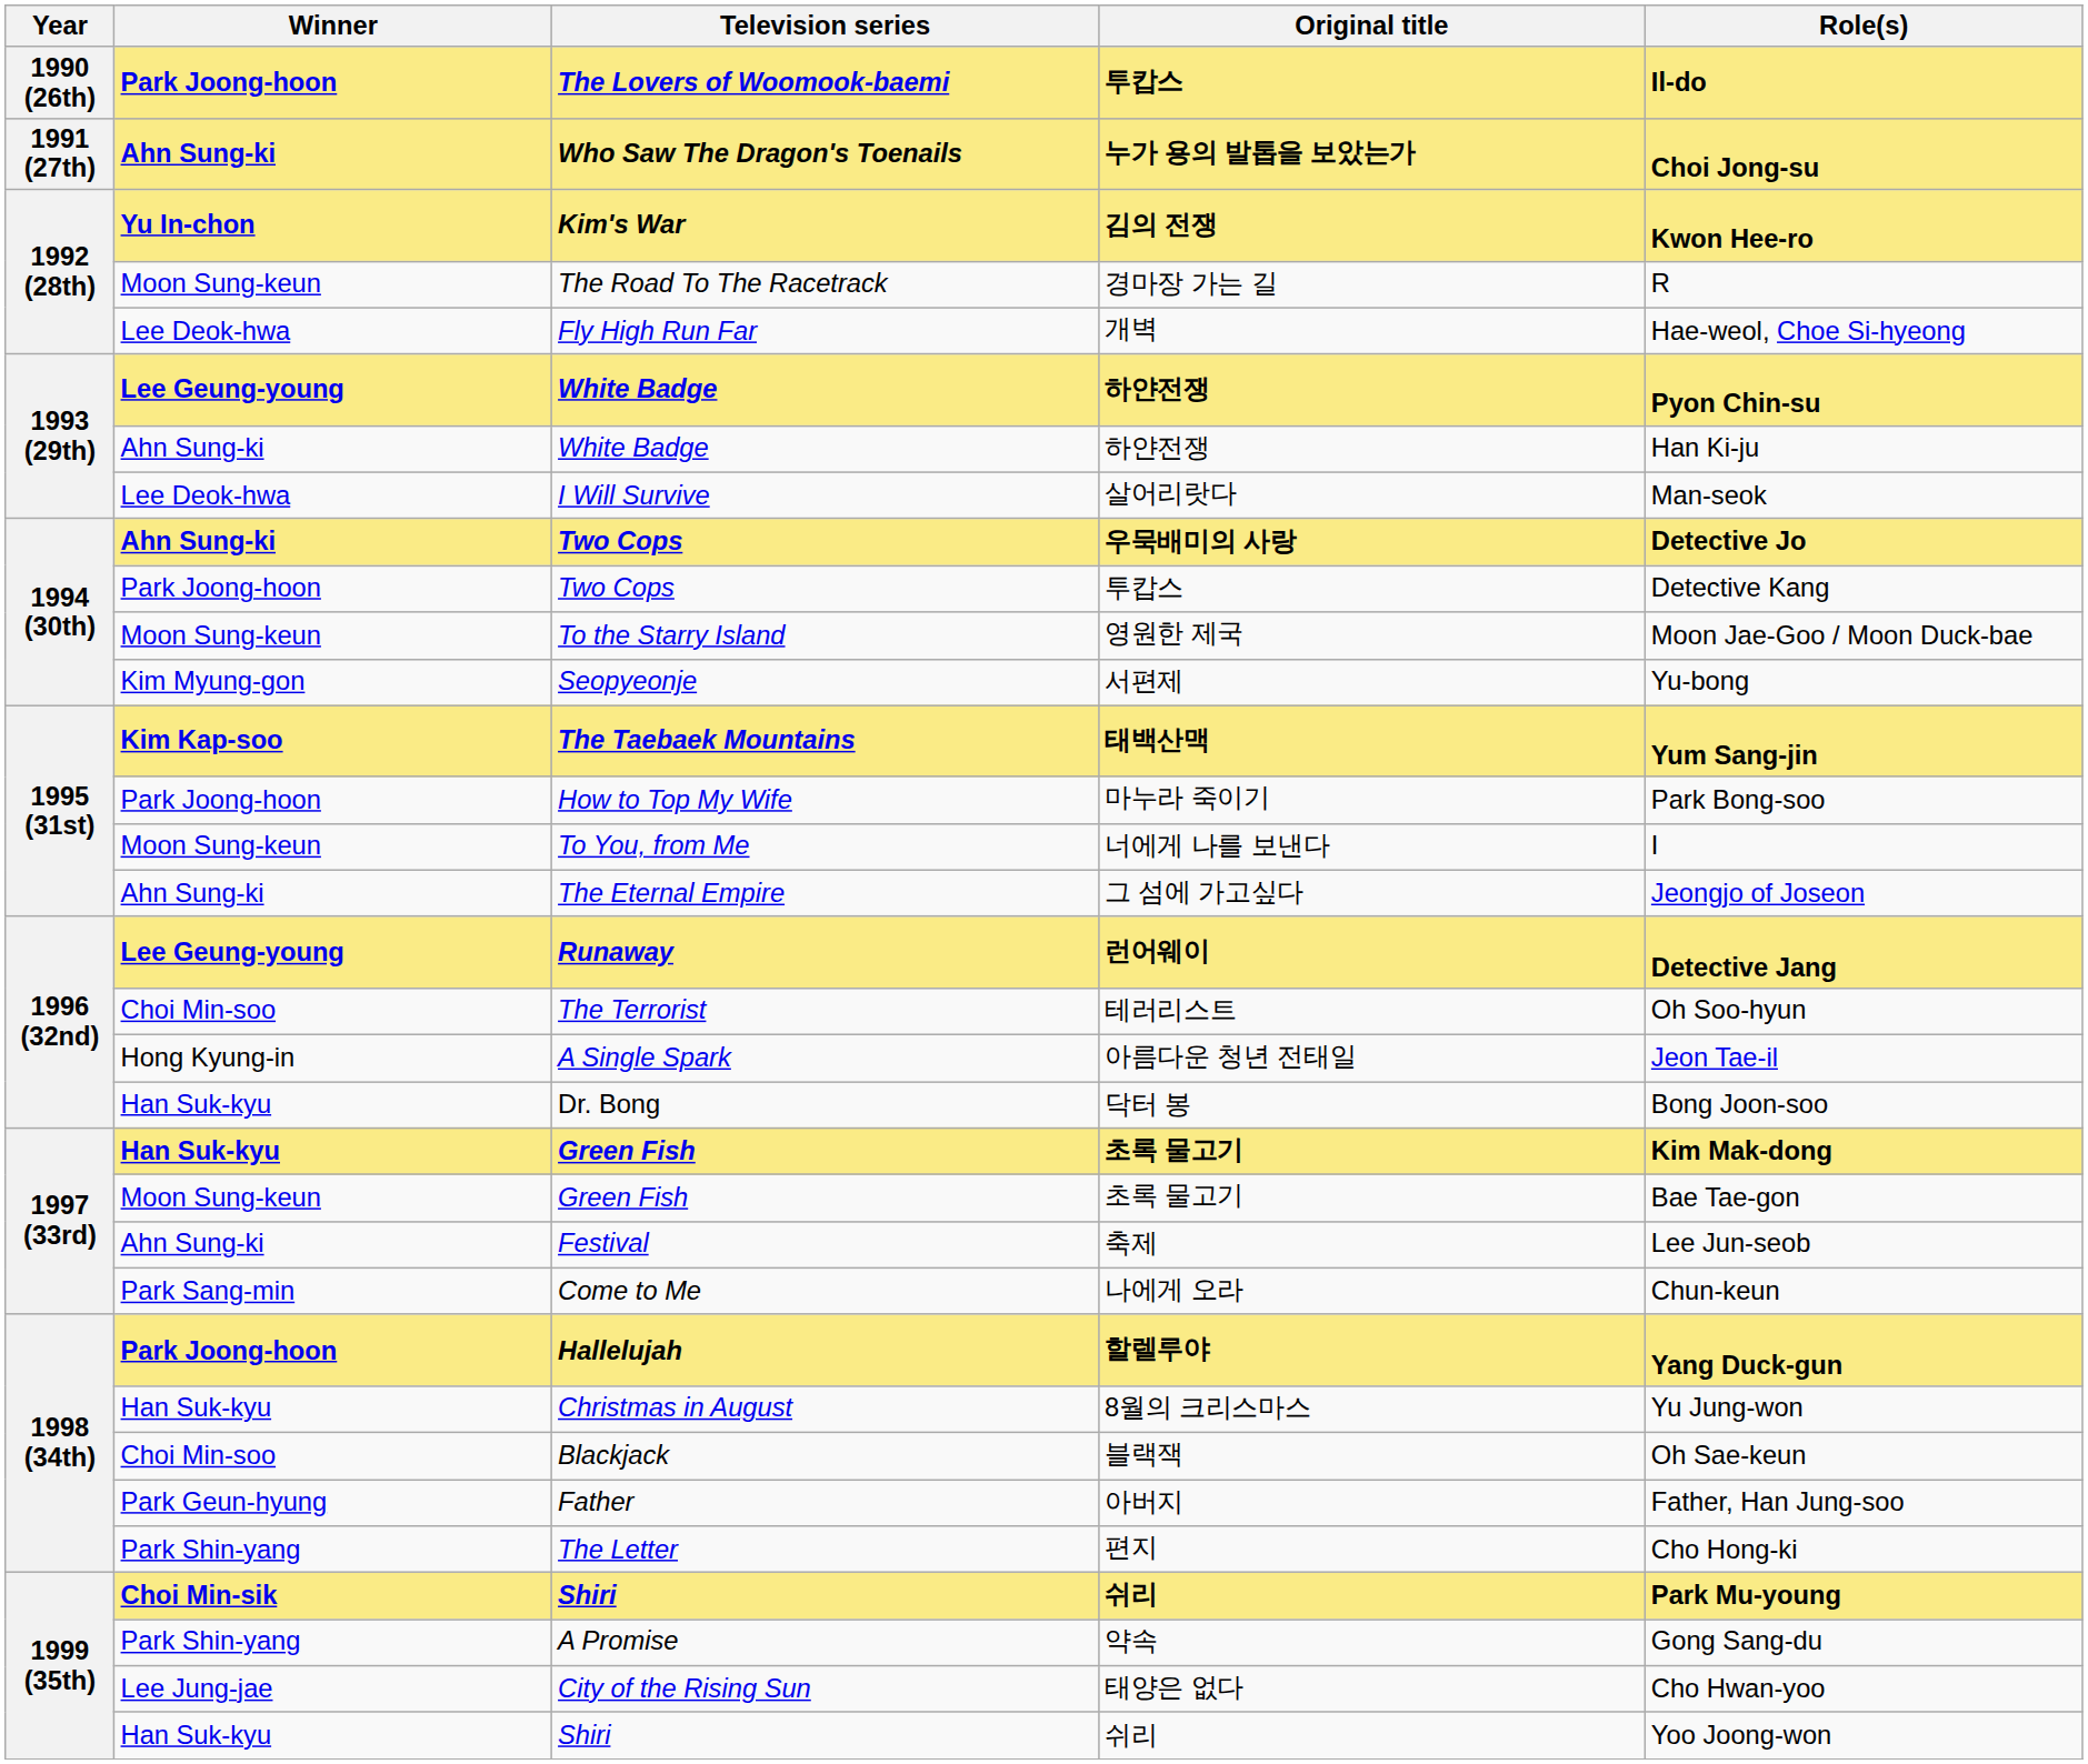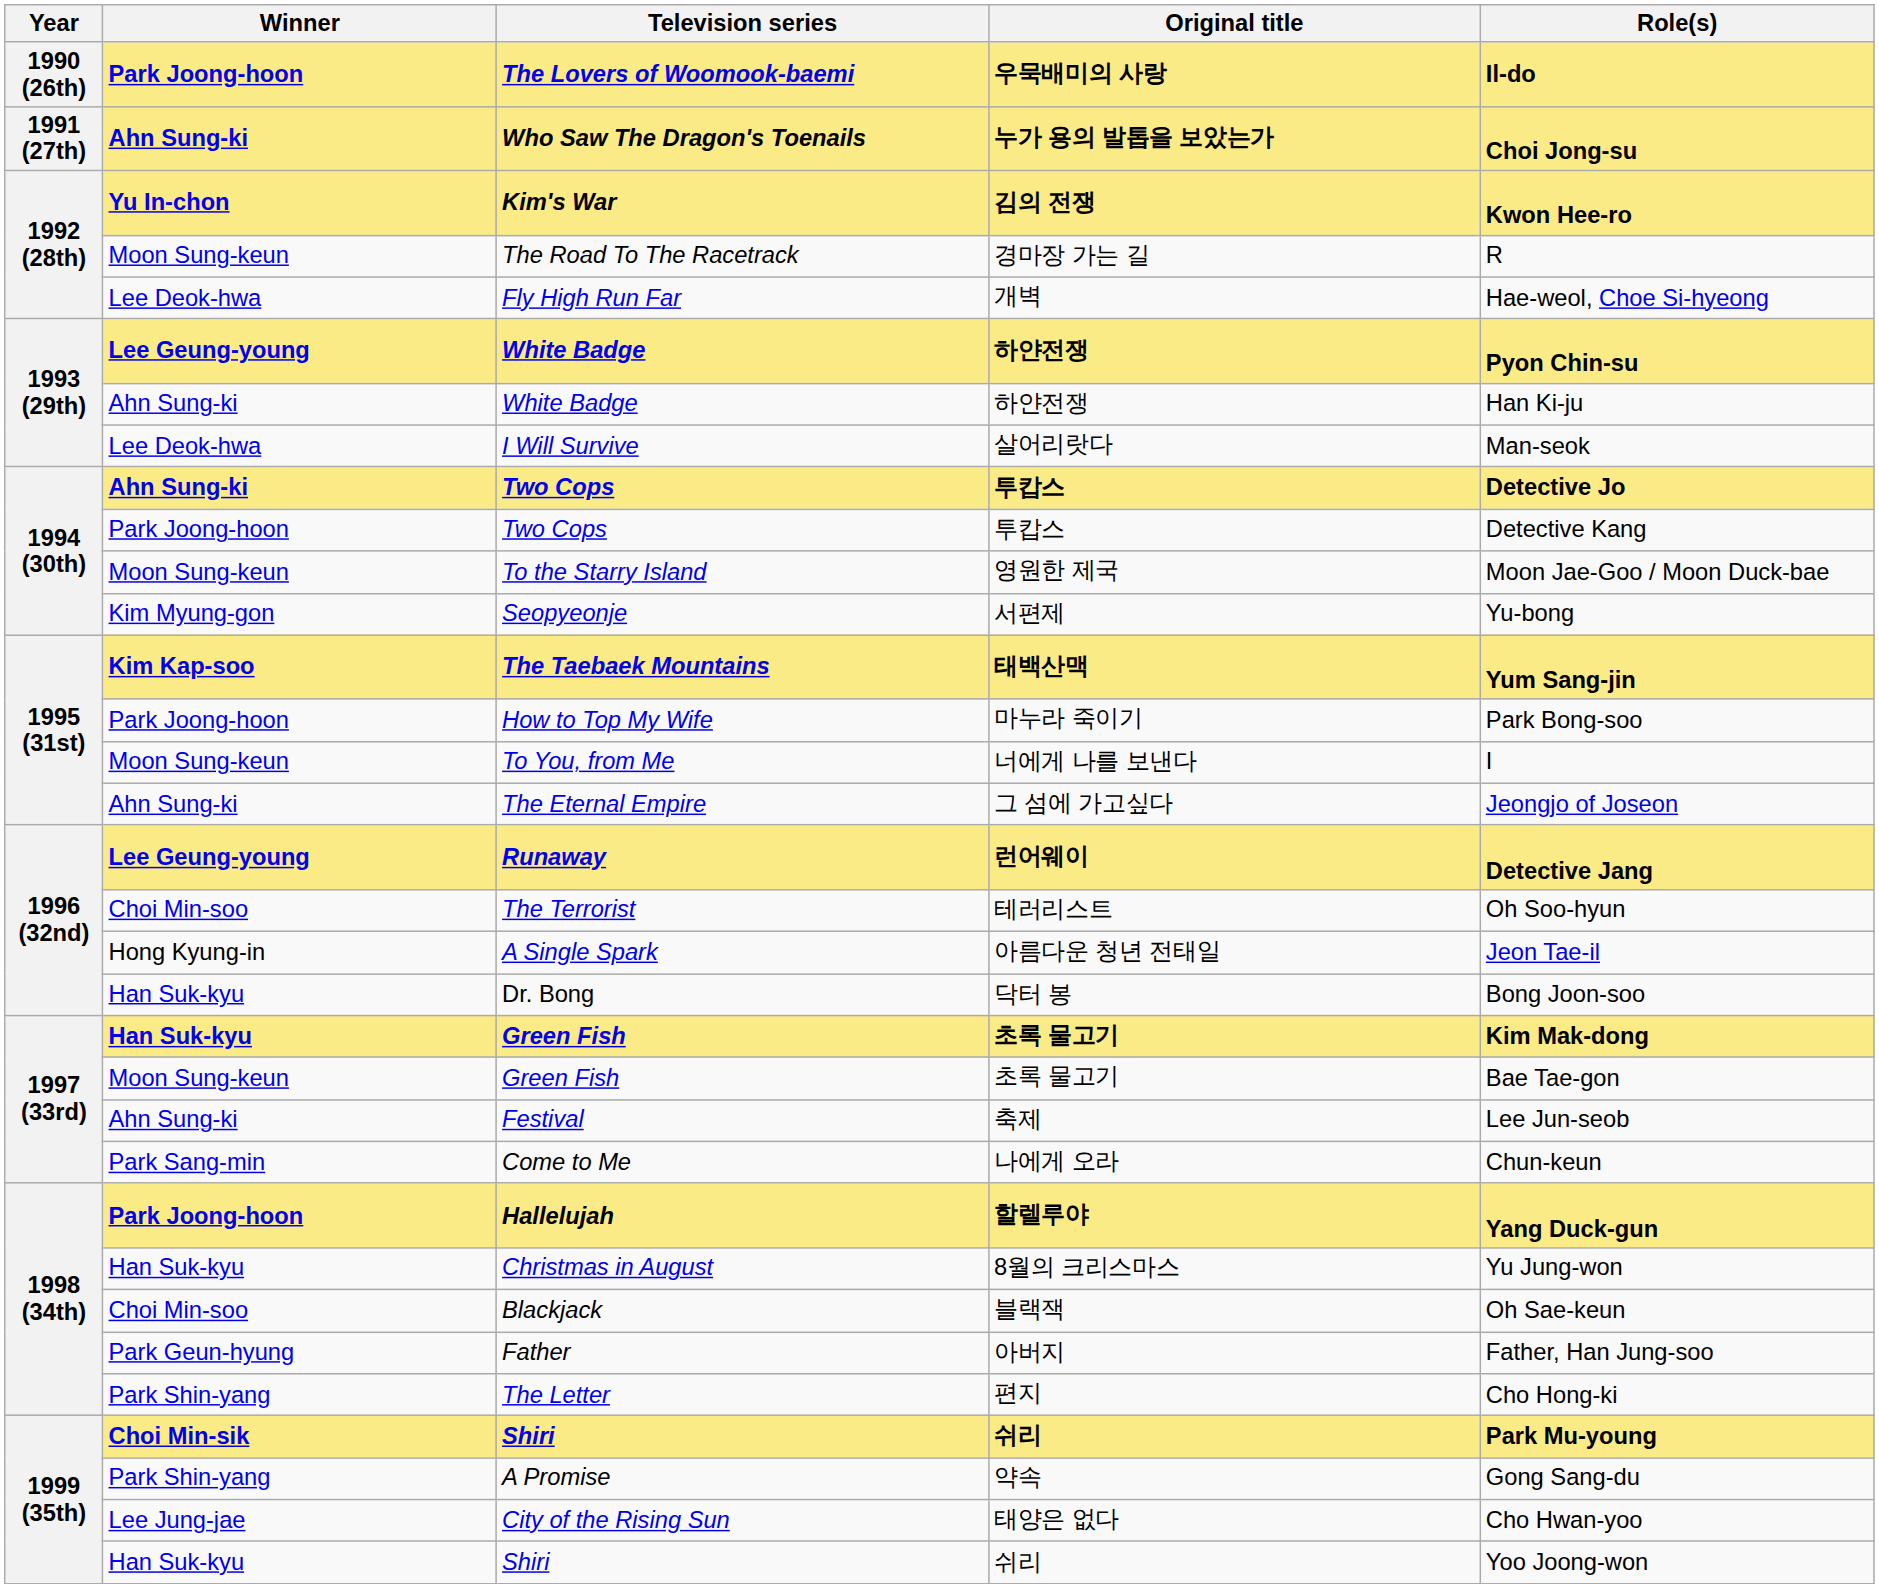 <table class="wikitable" style="width:100%;" cellpadding="6">
 <tr>
 <th style="width:5%;">Year</th>
 <th style="width:20%;">Winner</th>
 <th style="width:25%;">Television series</th>
 <th style="width:25%;">Original title</th>
 <th style="width:20%;">Role(s)</th>
 </tr>
 <tr>
 <th>1990<br>(26th)</th>
 <td style="background:#FAEB86;"><strong><a href='#'>Park Joong-hoon</a> </strong></td>
 <td style="background:#FAEB86;"><strong><em><a href='#'>The Lovers of Woomook-baemi</a></em></strong></td>
-<td style="background:#FAEB86;"><strong>투캅스</strong></td>
+<td style="background:#FAEB86;"><strong>우묵배미의 사랑</strong></td>
 <td style="background:#FAEB86;"><strong>Il-do</strong></td>
 </tr>
 <tr>
 <th>1991<br>(27th)</th>
 <td style="background:#FAEB86;"><strong><a href='#'>Ahn Sung-ki</a> </strong></td>
 <td style="background:#FAEB86;"><strong><em>Who Saw The Dragon's Toenails</em></strong></td>
 <td style="background:#FAEB86;"><strong>누가 용의 발톱을 보았는가</strong></td>
 <td style="background:#FAEB86;"><br><strong>Choi Jong-su</strong></td>
 </tr>
 <tr>
 <th rowspan="3">1992<br>(28th)</th>
 <td style="background:#FAEB86;"><strong><a href='#'>Yu In-chon</a> </strong></td>
 <td style="background:#FAEB86;"><strong><em>Kim's War</em></strong></td>
 <td style="background:#FAEB86;"><strong>김의 전쟁</strong></td>
 <td style="background:#FAEB86;"><br><strong>Kwon Hee-ro</strong></td>
 </tr>
 <tr>
 <td><a href='#'>Moon Sung-keun</a></td>
 <td><em>The Road To The Racetrack</em></td>
 <td>경마장 가는 길</td>
 <td>R</td>
 </tr>
 <tr>
 <td><a href='#'>Lee Deok-hwa</a></td>
 <td><em><a href='#'>Fly High Run Far</a></em></td>
 <td>개벽</td>
 <td>Hae-weol, <a href='#'>Choe Si-hyeong</a></td>
 </tr>
 <tr>
 <th rowspan="3">1993<br>(29th)</th>
 <td style="background:#FAEB86;"><strong><a href='#'>Lee Geung-young</a> </strong></td>
 <td style="background:#FAEB86;"><strong><em><a href='#'>White Badge</a></em></strong></td>
 <td style="background:#FAEB86;"><strong>하얀전쟁</strong></td>
 <td style="background:#FAEB86;"><br><strong>Pyon Chin-su</strong></td>
 </tr>
 <tr>
 <td><a href='#'>Ahn Sung-ki</a></td>
 <td><em><a href='#'>White Badge</a></em></td>
 <td>하얀전쟁</td>
 <td>Han Ki-ju</td>
 </tr>
 <tr>
 <td><a href='#'>Lee Deok-hwa</a></td>
 <td><em><a href='#'>I Will Survive</a></em></td>
 <td>살어리랏다</td>
 <td>Man-seok</td>
 </tr>
 <tr>
 <th rowspan="4">1994<br>(30th)</th>
 <td style="background:#FAEB86;"><strong><a href='#'>Ahn Sung-ki</a> </strong></td>
 <td style="background:#FAEB86;"><strong><em><a href='#'>Two Cops</a></em></strong></td>
-<td style="background:#FAEB86;"><strong>우묵배미의 사랑</strong></td>
+<td style="background:#FAEB86;"><strong>투캅스</strong></td>
 <td style="background:#FAEB86;"><strong>Detective Jo</strong></td>
 </tr>
 <tr>
 <td><a href='#'>Park Joong-hoon</a></td>
 <td><em><a href='#'>Two Cops</a></em></td>
 <td>투캅스</td>
 <td>Detective Kang</td>
 </tr>
 <tr>
 <td><a href='#'>Moon Sung-keun</a></td>
 <td><em><a href='#'>To the Starry Island</a></em></td>
 <td>영원한 제국</td>
 <td>Moon Jae-Goo / Moon Duck-bae</td>
 </tr>
 <tr>
 <td><a href='#'>Kim Myung-gon</a></td>
 <td><em><a href='#'>Seopyeonje</a></em></td>
 <td>서편제</td>
 <td>Yu-bong</td>
 </tr>
 <tr>
 <th rowspan="4">1995<br>(31st)</th>
 <td style="background:#FAEB86;"><strong><a href='#'>Kim Kap-soo</a> </strong></td>
 <td style="background:#FAEB86;"><strong><em><a href='#'>The Taebaek Mountains</a></em></strong></td>
 <td style="background:#FAEB86;"><strong>태백산맥</strong></td>
 <td style="background:#FAEB86;"><br><strong>Yum Sang-jin</strong></td>
 </tr>
 <tr>
 <td><a href='#'>Park Joong-hoon</a></td>
 <td><em><a href='#'>How to Top My Wife</a></em></td>
 <td>마누라 죽이기</td>
 <td>Park Bong-soo</td>
 </tr>
 <tr>
 <td><a href='#'>Moon Sung-keun</a></td>
 <td><em><a href='#'>To You, from Me</a></em></td>
 <td>너에게 나를 보낸다</td>
 <td>I</td>
 </tr>
 <tr>
 <td><a href='#'>Ahn Sung-ki</a></td>
 <td><em><a href='#'>The Eternal Empire</a></em></td>
 <td>그 섬에 가고싶다</td>
 <td><a href='#'>Jeongjo of Joseon</a></td>
 </tr>
 <tr>
 <th rowspan="4">1996<br>(32nd)</th>
 <td style="background:#FAEB86;"><strong><a href='#'>Lee Geung-young</a> </strong></td>
 <td style="background:#FAEB86;"><strong><em><a href='#'>Runaway</a></em></strong></td>
 <td style="background:#FAEB86;"><strong>런어웨이</strong></td>
 <td style="background:#FAEB86;"><br><strong>Detective Jang</strong></td>
 </tr>
 <tr>
 <td><a href='#'>Choi Min-soo</a></td>
 <td><em><a href='#'> The Terrorist</a></em></td>
 <td>테러리스트</td>
 <td>Oh Soo-hyun</td>
 </tr>
 <tr>
 <td>Hong Kyung-in</td>
 <td><em><a href='#'>A Single Spark</a></em></td>
 <td>아름다운 청년 전태일</td>
 <td><a href='#'>Jeon Tae-il</a></td>
 </tr>
 <tr>
 <td><a href='#'>Han Suk-kyu</a></td>
 <td>Dr. Bong</td>
 <td>닥터 봉</td>
 <td>Bong Joon-soo</td>
 </tr>
 <tr>
 <th rowspan="4">1997<br>(33rd)</th>
 <td style="background:#FAEB86;"><strong><a href='#'>Han Suk-kyu</a> </strong></td>
 <td style="background:#FAEB86;"><strong><em><a href='#'>Green Fish</a></em></strong></td>
 <td style="background:#FAEB86;"><strong>초록 물고기</strong></td>
 <td style="background:#FAEB86;"><strong>Kim Mak-dong</strong></td>
 </tr>
 <tr>
 <td><a href='#'>Moon Sung-keun</a></td>
 <td><em><a href='#'>Green Fish</a></em></td>
 <td>초록 물고기</td>
 <td>Bae Tae-gon</td>
 </tr>
 <tr>
 <td><a href='#'>Ahn Sung-ki</a></td>
 <td><em><a href='#'> Festival</a></em></td>
 <td>축제</td>
 <td>Lee Jun-seob</td>
 </tr>
 <tr>
 <td><a href='#'>Park Sang-min</a></td>
 <td><em>Come to Me</em></td>
 <td>나에게 오라</td>
 <td>Chun-keun</td>
 </tr>
 <tr>
 <th rowspan="5">1998<br>(34th)</th>
 <td style="background:#FAEB86;"><strong><a href='#'>Park Joong-hoon</a> </strong></td>
 <td style="background:#FAEB86;"><strong><em>Hallelujah</em></strong></td>
 <td style="background:#FAEB86;"><strong>할렐루야</strong></td>
 <td style="background:#FAEB86;"><br><strong>Yang Duck-gun</strong></td>
 </tr>
 <tr>
 <td><a href='#'>Han Suk-kyu</a></td>
 <td><em><a href='#'>Christmas in August</a></em></td>
 <td>8월의 크리스마스</td>
 <td>Yu Jung-won</td>
 </tr>
 <tr>
 <td><a href='#'>Choi Min-soo</a></td>
 <td><em>Blackjack</em></td>
 <td>블랙잭</td>
 <td>Oh Sae-keun</td>
 </tr>
 <tr>
 <td><a href='#'>Park Geun-hyung</a></td>
 <td><em>Father</em></td>
 <td>아버지</td>
 <td>Father, Han Jung-soo</td>
 </tr>
 <tr>
 <td><a href='#'>Park Shin-yang</a></td>
 <td><em><a href='#'> The Letter</a></em></td>
 <td>편지</td>
 <td>Cho Hong-ki</td>
 </tr>
 <tr>
 <th rowspan="4">1999<br>(35th)</th>
 <td style="background:#FAEB86;"><strong><a href='#'>Choi Min-sik</a> </strong></td>
 <td style="background:#FAEB86;"><strong><em><a href='#'>Shiri</a></em></strong></td>
 <td style="background:#FAEB86;"><strong>쉬리</strong></td>
 <td style="background:#FAEB86;"><strong>Park Mu-young</strong></td>
 </tr>
 <tr>
 <td><a href='#'>Park Shin-yang</a></td>
 <td><em>A Promise</em></td>
 <td>약속</td>
 <td>Gong Sang-du</td>
 </tr>
 <tr>
 <td><a href='#'>Lee Jung-jae</a></td>
 <td><em><a href='#'>City of the Rising Sun</a></em></td>
 <td>태양은 없다</td>
 <td>Cho Hwan-yoo</td>
 </tr>
 <tr>
 <td><a href='#'>Han Suk-kyu</a></td>
 <td><em><a href='#'>Shiri</a></em></td>
 <td>쉬리</td>
 <td>Yoo Joong-won</td>
 </tr>
 <tr>
 </tr>
 </table>
